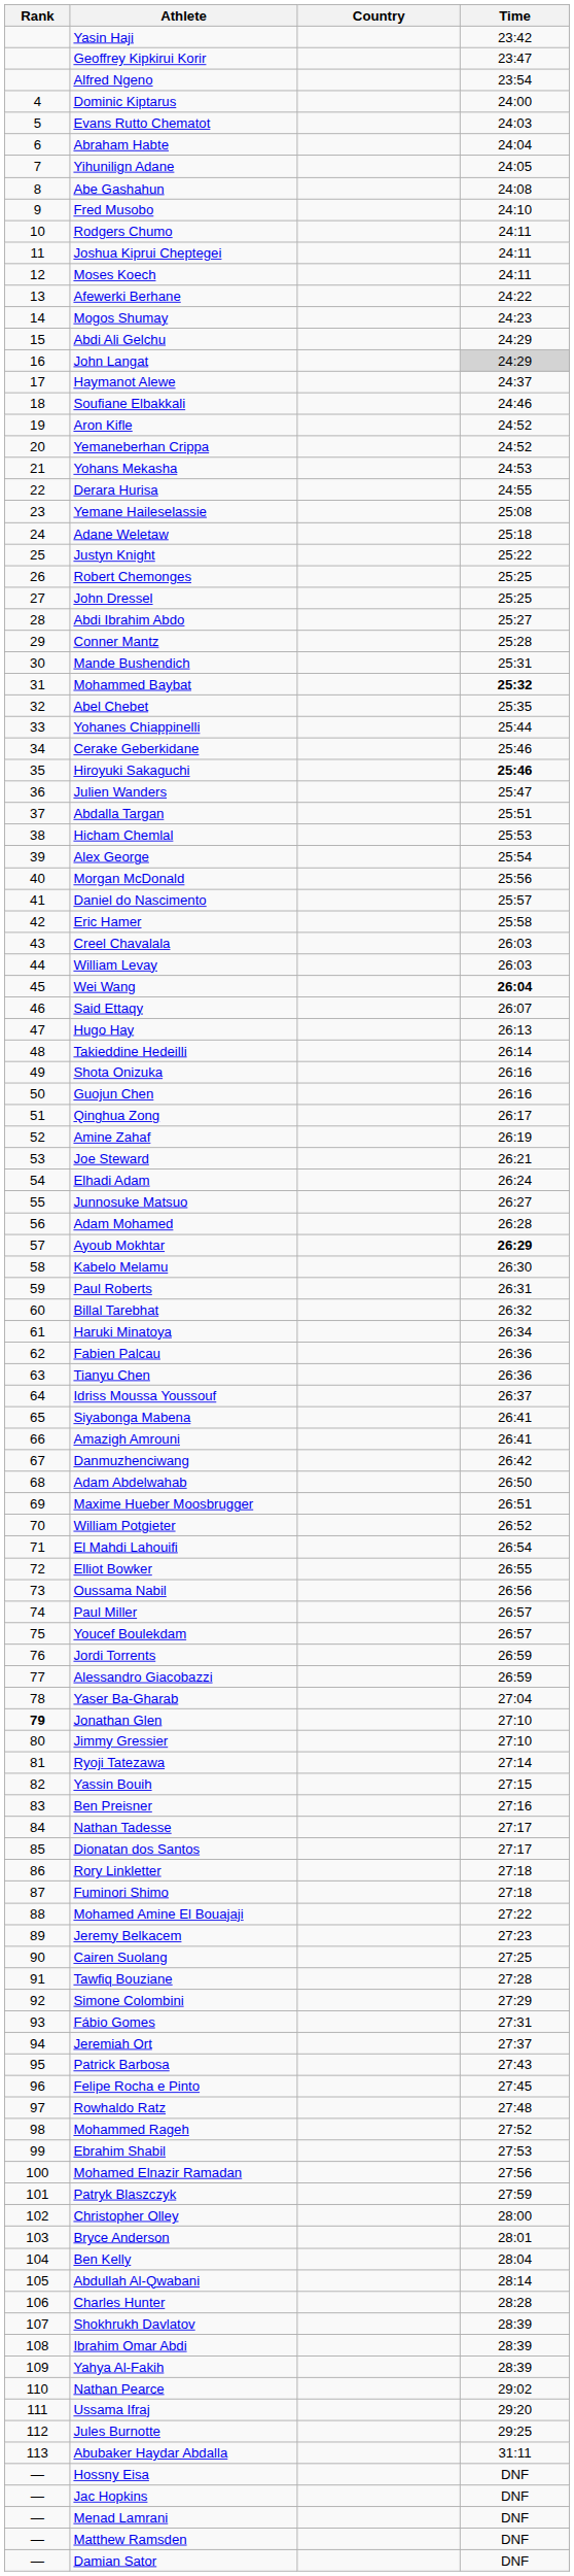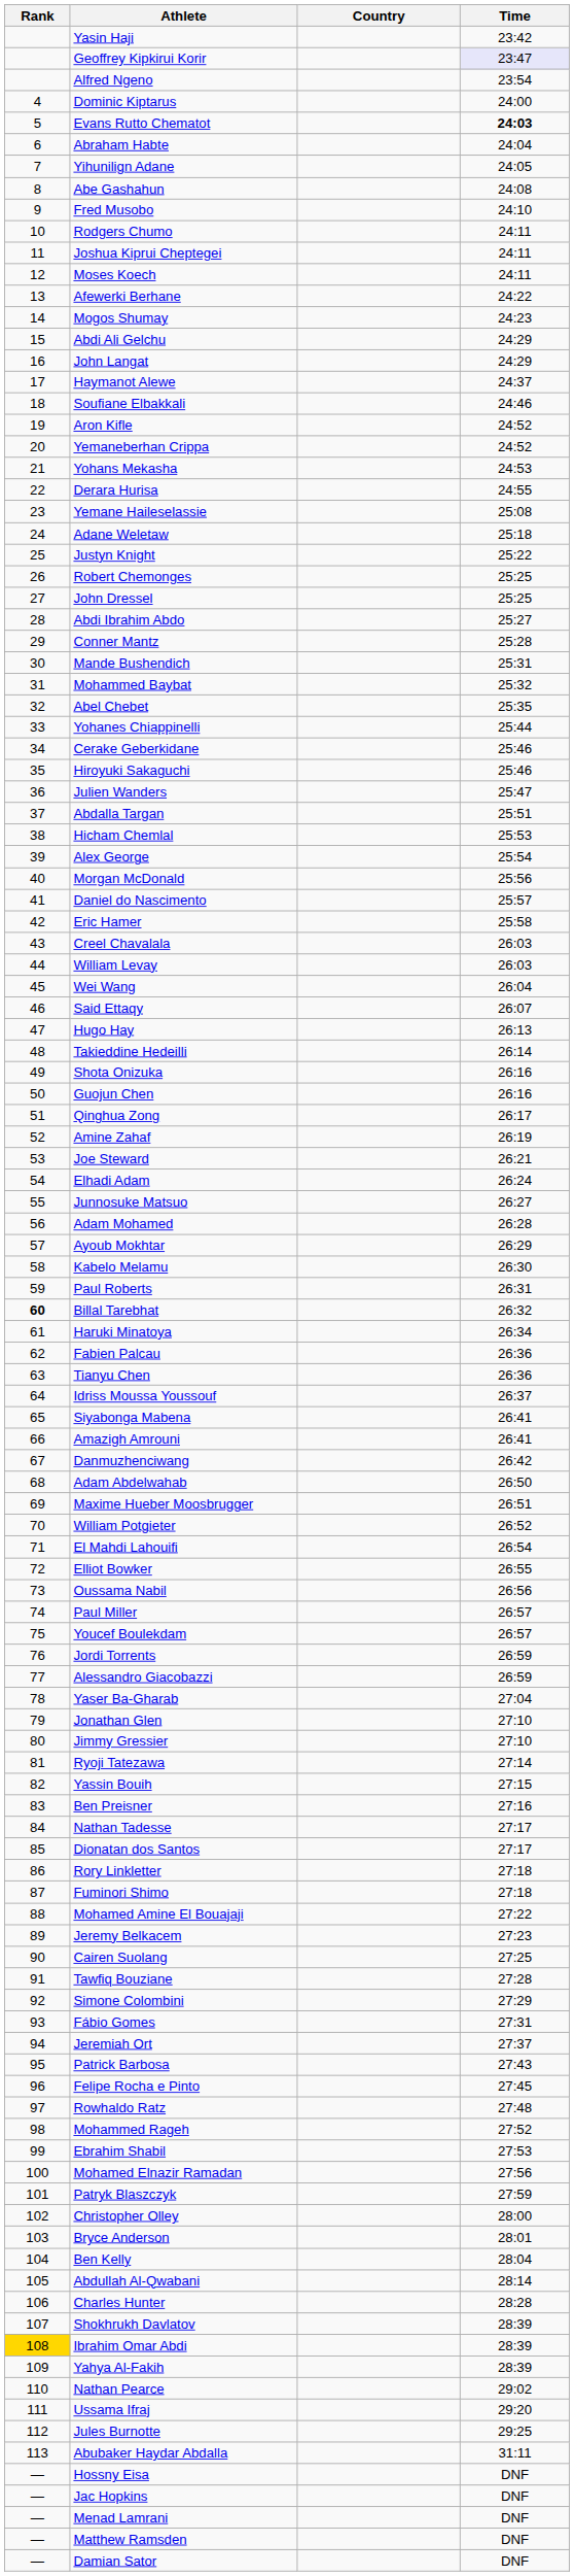 <table class="wikitable sortable" style=" text-align:center; font-size:95%;" width="50%">
 <tr>
 <th width=5%>Rank</th>
 <th width=20%>Athlete</th>
 <th width=15%>Country</th>
 <th width=10%>Time</th>
 </tr>
 <tr>
 <td align=center></td>
 <td align=left><a href='#'>Yasin Haji</a></td>
 <td align=left></td>
 <td>23:42</td>
 </tr>
 <tr>
 <td align=center></td>
 <td align=left><a href='#'>Geoffrey Kipkirui Korir</a></td>
 <td align=left></td>
-<td>23:47</td>
+<td style="background: lavender;">23:47</td>
 </tr>
 <tr>
 <td align=center></td>
 <td align=left><a href='#'>Alfred Ngeno</a></td>
 <td align=left></td>
 <td>23:54</td>
 </tr>
 <tr>
 <td align=center>4</td>
 <td align=left><a href='#'>Dominic Kiptarus</a></td>
 <td align=left></td>
 <td>24:00</td>
 </tr>
 <tr>
 <td align=center>5</td>
 <td align=left><a href='#'>Evans Rutto Chematot</a></td>
 <td align=left></td>
-<td>24:03</td>
+<td><strong>24:03</strong></td>
 </tr>
 <tr>
 <td align=center>6</td>
 <td align=left><a href='#'>Abraham Habte</a></td>
 <td align=left></td>
 <td>24:04</td>
 </tr>
 <tr>
 <td align=center>7</td>
 <td align=left><a href='#'>Yihunilign Adane</a></td>
 <td align=left></td>
 <td>24:05</td>
 </tr>
 <tr>
 <td align=center>8</td>
 <td align=left><a href='#'>Abe Gashahun</a></td>
 <td align=left></td>
 <td>24:08</td>
 </tr>
 <tr>
 <td align=center>9</td>
 <td align=left><a href='#'>Fred Musobo</a></td>
 <td align=left></td>
 <td>24:10</td>
 </tr>
 <tr>
 <td align=center>10</td>
 <td align=left><a href='#'>Rodgers Chumo</a></td>
 <td align=left></td>
 <td>24:11</td>
 </tr>
 <tr>
 <td align=center>11</td>
 <td align=left><a href='#'>Joshua Kiprui Cheptegei</a></td>
 <td align=left></td>
 <td>24:11</td>
 </tr>
 <tr>
 <td align=center>12</td>
 <td align=left><a href='#'>Moses Koech</a></td>
 <td align=left></td>
 <td>24:11</td>
 </tr>
 <tr>
 <td align=center>13</td>
 <td align=left><a href='#'>Afewerki Berhane</a></td>
 <td align=left></td>
 <td>24:22</td>
 </tr>
 <tr>
 <td align=center>14</td>
 <td align=left><a href='#'>Mogos Shumay</a></td>
 <td align=left></td>
 <td>24:23</td>
 </tr>
 <tr>
 <td align=center>15</td>
 <td align=left><a href='#'>Abdi Ali Gelchu</a></td>
 <td align=left></td>
 <td>24:29</td>
 </tr>
 <tr>
 <td align=center>16</td>
 <td align=left><a href='#'>John Langat</a></td>
 <td align=left></td>
-<td style="background: lightgrey;">24:29</td>
+<td>24:29</td>
 </tr>
 <tr>
 <td align=center>17</td>
 <td align=left><a href='#'>Haymanot Alewe</a></td>
 <td align=left></td>
 <td>24:37</td>
 </tr>
 <tr>
 <td align=center>18</td>
 <td align=left><a href='#'>Soufiane Elbakkali</a></td>
 <td align=left></td>
 <td>24:46</td>
 </tr>
 <tr>
 <td align=center>19</td>
 <td align=left><a href='#'>Aron Kifle</a></td>
 <td align=left></td>
 <td>24:52</td>
 </tr>
 <tr>
 <td align=center>20</td>
 <td align=left><a href='#'>Yemaneberhan Crippa</a></td>
 <td align=left></td>
 <td>24:52</td>
 </tr>
 <tr>
 <td align=center>21</td>
 <td align=left><a href='#'>Yohans Mekasha</a></td>
 <td align=left></td>
 <td>24:53</td>
 </tr>
 <tr>
 <td align=center>22</td>
 <td align=left><a href='#'>Derara Hurisa</a></td>
 <td align=left></td>
 <td>24:55</td>
 </tr>
 <tr>
 <td align=center>23</td>
 <td align=left><a href='#'>Yemane Haileselassie</a></td>
 <td align=left></td>
 <td>25:08</td>
 </tr>
 <tr>
 <td align=center>24</td>
 <td align=left><a href='#'>Adane Weletaw</a></td>
 <td align=left></td>
 <td>25:18</td>
 </tr>
 <tr>
 <td align=center>25</td>
 <td align=left><a href='#'>Justyn Knight</a></td>
 <td align=left></td>
 <td>25:22</td>
 </tr>
 <tr>
 <td align=center>26</td>
 <td align=left><a href='#'>Robert Chemonges</a></td>
 <td align=left></td>
 <td>25:25</td>
 </tr>
 <tr>
 <td align=center>27</td>
 <td align=left><a href='#'>John Dressel</a></td>
 <td align=left></td>
 <td>25:25</td>
 </tr>
 <tr>
 <td align=center>28</td>
 <td align=left><a href='#'>Abdi Ibrahim Abdo</a></td>
 <td align=left></td>
 <td>25:27</td>
 </tr>
 <tr>
 <td align=center>29</td>
 <td align=left><a href='#'>Conner Mantz</a></td>
 <td align=left></td>
 <td>25:28</td>
 </tr>
 <tr>
 <td align=center>30</td>
 <td align=left><a href='#'>Mande Bushendich</a></td>
 <td align=left></td>
 <td>25:31</td>
 </tr>
 <tr>
 <td align=center>31</td>
 <td align=left><a href='#'>Mohammed Baybat</a></td>
 <td align=left></td>
-<td><strong>25:32</strong></td>
+<td>25:32</td>
 </tr>
 <tr>
 <td align=center>32</td>
 <td align=left><a href='#'>Abel Chebet</a></td>
 <td align=left></td>
 <td>25:35</td>
 </tr>
 <tr>
 <td align=center>33</td>
 <td align=left><a href='#'>Yohanes Chiappinelli</a></td>
 <td align=left></td>
 <td>25:44</td>
 </tr>
 <tr>
 <td align=center>34</td>
 <td align=left><a href='#'>Cerake Geberkidane</a></td>
 <td align=left></td>
 <td>25:46</td>
 </tr>
 <tr>
 <td align=center>35</td>
 <td align=left><a href='#'>Hiroyuki Sakaguchi</a></td>
 <td align=left></td>
-<td><strong>25:46</strong></td>
+<td>25:46</td>
 </tr>
 <tr>
 <td align=center>36</td>
 <td align=left><a href='#'>Julien Wanders</a></td>
 <td align=left></td>
 <td>25:47</td>
 </tr>
 <tr>
 <td align=center>37</td>
 <td align=left><a href='#'>Abdalla Targan</a></td>
 <td align=left></td>
 <td>25:51</td>
 </tr>
 <tr>
 <td align=center>38</td>
 <td align=left><a href='#'>Hicham Chemlal</a></td>
 <td align=left></td>
 <td>25:53</td>
 </tr>
 <tr>
 <td align=center>39</td>
 <td align=left><a href='#'>Alex George</a></td>
 <td align=left></td>
 <td>25:54</td>
 </tr>
 <tr>
 <td align=center>40</td>
 <td align=left><a href='#'>Morgan McDonald</a></td>
 <td align=left></td>
 <td>25:56</td>
 </tr>
 <tr>
 <td align=center>41</td>
 <td align=left><a href='#'>Daniel do Nascimento</a></td>
 <td align=left></td>
 <td>25:57</td>
 </tr>
 <tr>
 <td align=center>42</td>
 <td align=left><a href='#'>Eric Hamer</a></td>
 <td align=left></td>
 <td>25:58</td>
 </tr>
 <tr>
 <td align=center>43</td>
 <td align=left><a href='#'>Creel Chavalala</a></td>
 <td align=left></td>
 <td>26:03</td>
 </tr>
 <tr>
 <td align=center>44</td>
 <td align=left><a href='#'>William Levay</a></td>
 <td align=left></td>
 <td>26:03</td>
 </tr>
 <tr>
 <td align=center>45</td>
 <td align=left><a href='#'>Wei Wang</a></td>
 <td align=left></td>
-<td><strong>26:04</strong></td>
+<td>26:04</td>
 </tr>
 <tr>
 <td align=center>46</td>
 <td align=left><a href='#'>Said Ettaqy</a></td>
 <td align=left></td>
 <td>26:07</td>
 </tr>
 <tr>
 <td align=center>47</td>
 <td align=left><a href='#'>Hugo Hay</a></td>
 <td align=left></td>
 <td>26:13</td>
 </tr>
 <tr>
 <td align=center>48</td>
 <td align=left><a href='#'>Takieddine Hedeilli</a></td>
 <td align=left></td>
 <td>26:14</td>
 </tr>
 <tr>
 <td align=center>49</td>
 <td align=left><a href='#'>Shota Onizuka</a></td>
 <td align=left></td>
 <td>26:16</td>
 </tr>
 <tr>
 <td align=center>50</td>
 <td align=left><a href='#'>Guojun Chen</a></td>
 <td align=left></td>
 <td>26:16</td>
 </tr>
 <tr>
 <td align=center>51</td>
 <td align=left><a href='#'>Qinghua Zong</a></td>
 <td align=left></td>
 <td>26:17</td>
 </tr>
 <tr>
 <td align=center>52</td>
 <td align=left><a href='#'>Amine Zahaf</a></td>
 <td align=left></td>
 <td>26:19</td>
 </tr>
 <tr>
 <td align=center>53</td>
 <td align=left><a href='#'>Joe Steward</a></td>
 <td align=left></td>
 <td>26:21</td>
 </tr>
 <tr>
 <td align=center>54</td>
 <td align=left><a href='#'>Elhadi Adam</a></td>
 <td align=left></td>
 <td>26:24</td>
 </tr>
 <tr>
 <td align=center>55</td>
 <td align=left><a href='#'>Junnosuke Matsuo</a></td>
 <td align=left></td>
 <td>26:27</td>
 </tr>
 <tr>
 <td align=center>56</td>
 <td align=left><a href='#'>Adam Mohamed</a></td>
 <td align=left></td>
 <td>26:28</td>
 </tr>
 <tr>
 <td align=center>57</td>
 <td align=left><a href='#'>Ayoub Mokhtar</a></td>
 <td align=left></td>
-<td><strong>26:29</strong></td>
+<td>26:29</td>
 </tr>
 <tr>
 <td align=center>58</td>
 <td align=left><a href='#'>Kabelo Melamu</a></td>
 <td align=left></td>
 <td>26:30</td>
 </tr>
 <tr>
 <td align=center>59</td>
 <td align=left><a href='#'>Paul Roberts</a></td>
 <td align=left></td>
 <td>26:31</td>
 </tr>
 <tr>
-<td align=center>60</td>
+<td align=center><strong>60</strong></td>
 <td align=left><a href='#'>Billal Tarebhat</a></td>
 <td align=left></td>
 <td>26:32</td>
 </tr>
 <tr>
 <td align=center>61</td>
 <td align=left><a href='#'>Haruki Minatoya</a></td>
 <td align=left></td>
 <td>26:34</td>
 </tr>
 <tr>
 <td align=center>62</td>
 <td align=left><a href='#'>Fabien Palcau</a></td>
 <td align=left></td>
 <td>26:36</td>
 </tr>
 <tr>
 <td align=center>63</td>
 <td align=left><a href='#'>Tianyu Chen</a></td>
 <td align=left></td>
 <td>26:36</td>
 </tr>
 <tr>
 <td align=center>64</td>
 <td align=left><a href='#'>Idriss Moussa Youssouf</a></td>
 <td align=left></td>
 <td>26:37</td>
 </tr>
 <tr>
 <td align=center>65</td>
 <td align=left><a href='#'>Siyabonga Mabena</a></td>
 <td align=left></td>
 <td>26:41</td>
 </tr>
 <tr>
 <td align=center>66</td>
 <td align=left><a href='#'>Amazigh Amrouni</a></td>
 <td align=left></td>
 <td>26:41</td>
 </tr>
 <tr>
 <td align=center>67</td>
 <td align=left><a href='#'>Danmuzhenciwang</a></td>
 <td align=left></td>
 <td>26:42</td>
 </tr>
 <tr>
 <td align=center>68</td>
 <td align=left><a href='#'>Adam Abdelwahab</a></td>
 <td align=left></td>
 <td>26:50</td>
 </tr>
 <tr>
 <td align=center>69</td>
 <td align=left><a href='#'>Maxime Hueber Moosbrugger</a></td>
 <td align=left></td>
 <td>26:51</td>
 </tr>
 <tr>
 <td align=center>70</td>
 <td align=left><a href='#'>William Potgieter</a></td>
 <td align=left></td>
 <td>26:52</td>
 </tr>
 <tr>
 <td align=center>71</td>
 <td align=left><a href='#'>El Mahdi Lahouifi</a></td>
 <td align=left></td>
 <td>26:54</td>
 </tr>
 <tr>
 <td align=center>72</td>
 <td align=left><a href='#'>Elliot Bowker</a></td>
 <td align=left></td>
 <td>26:55</td>
 </tr>
 <tr>
 <td align=center>73</td>
 <td align=left><a href='#'>Oussama Nabil</a></td>
 <td align=left></td>
 <td>26:56</td>
 </tr>
 <tr>
 <td align=center>74</td>
 <td align=left><a href='#'>Paul Miller</a></td>
 <td align=left></td>
 <td>26:57</td>
 </tr>
 <tr>
 <td align=center>75</td>
 <td align=left><a href='#'>Youcef Boulekdam</a></td>
 <td align=left></td>
 <td>26:57</td>
 </tr>
 <tr>
 <td align=center>76</td>
 <td align=left><a href='#'>Jordi Torrents</a></td>
 <td align=left></td>
 <td>26:59</td>
 </tr>
 <tr>
 <td align=center>77</td>
 <td align=left><a href='#'>Alessandro Giacobazzi</a></td>
 <td align=left></td>
 <td>26:59</td>
 </tr>
 <tr>
 <td align=center>78</td>
 <td align=left><a href='#'>Yaser Ba-Gharab</a></td>
 <td align=left></td>
 <td>27:04</td>
 </tr>
 <tr>
-<td align=center><strong>79</strong></td>
+<td align=center>79</td>
 <td align=left><a href='#'>Jonathan Glen</a></td>
 <td align=left></td>
 <td>27:10</td>
 </tr>
 <tr>
 <td align=center>80</td>
 <td align=left><a href='#'>Jimmy Gressier</a></td>
 <td align=left></td>
 <td>27:10</td>
 </tr>
 <tr>
 <td align=center>81</td>
 <td align=left><a href='#'>Ryoji Tatezawa</a></td>
 <td align=left></td>
 <td>27:14</td>
 </tr>
 <tr>
 <td align=center>82</td>
 <td align=left><a href='#'>Yassin Bouih</a></td>
 <td align=left></td>
 <td>27:15</td>
 </tr>
 <tr>
 <td align=center>83</td>
 <td align=left><a href='#'>Ben Preisner</a></td>
 <td align=left></td>
 <td>27:16</td>
 </tr>
 <tr>
 <td align=center>84</td>
 <td align=left><a href='#'>Nathan Tadesse</a></td>
 <td align=left></td>
 <td>27:17</td>
 </tr>
 <tr>
 <td align=center>85</td>
 <td align=left><a href='#'>Dionatan dos Santos</a></td>
 <td align=left></td>
 <td>27:17</td>
 </tr>
 <tr>
 <td align=center>86</td>
 <td align=left><a href='#'>Rory Linkletter</a></td>
 <td align=left></td>
 <td>27:18</td>
 </tr>
 <tr>
 <td align=center>87</td>
 <td align=left><a href='#'>Fuminori Shimo</a></td>
 <td align=left></td>
 <td>27:18</td>
 </tr>
 <tr>
 <td align=center>88</td>
 <td align=left><a href='#'>Mohamed Amine El Bouajaji</a></td>
 <td align=left></td>
 <td>27:22</td>
 </tr>
 <tr>
 <td align=center>89</td>
 <td align=left><a href='#'>Jeremy Belkacem</a></td>
 <td align=left></td>
 <td>27:23</td>
 </tr>
 <tr>
 <td align=center>90</td>
 <td align=left><a href='#'>Cairen Suolang</a></td>
 <td align=left></td>
 <td>27:25</td>
 </tr>
 <tr>
 <td align=center>91</td>
 <td align=left><a href='#'>Tawfiq Bouziane</a></td>
 <td align=left></td>
 <td>27:28</td>
 </tr>
 <tr>
 <td align=center>92</td>
 <td align=left><a href='#'>Simone Colombini</a></td>
 <td align=left></td>
 <td>27:29</td>
 </tr>
 <tr>
 <td align=center>93</td>
 <td align=left><a href='#'>Fábio Gomes</a></td>
 <td align=left></td>
 <td>27:31</td>
 </tr>
 <tr>
 <td align=center>94</td>
 <td align=left><a href='#'>Jeremiah Ort</a></td>
 <td align=left></td>
 <td>27:37</td>
 </tr>
 <tr>
 <td align=center>95</td>
 <td align=left><a href='#'>Patrick Barbosa</a></td>
 <td align=left></td>
 <td>27:43</td>
 </tr>
 <tr>
 <td align=center>96</td>
 <td align=left><a href='#'>Felipe Rocha e Pinto</a></td>
 <td align=left></td>
 <td>27:45</td>
 </tr>
 <tr>
 <td align=center>97</td>
 <td align=left><a href='#'>Rowhaldo Ratz</a></td>
 <td align=left></td>
 <td>27:48</td>
 </tr>
 <tr>
 <td align=center>98</td>
 <td align=left><a href='#'>Mohammed Rageh</a></td>
 <td align=left></td>
 <td>27:52</td>
 </tr>
 <tr>
 <td align=center>99</td>
 <td align=left><a href='#'>Ebrahim Shabil</a></td>
 <td align=left></td>
 <td>27:53</td>
 </tr>
 <tr>
 <td align=center>100</td>
 <td align=left><a href='#'>Mohamed Elnazir Ramadan</a></td>
 <td align=left></td>
 <td>27:56</td>
 </tr>
 <tr>
 <td align=center>101</td>
 <td align=left><a href='#'>Patryk Blaszczyk</a></td>
 <td align=left></td>
 <td>27:59</td>
 </tr>
 <tr>
 <td align=center>102</td>
 <td align=left><a href='#'>Christopher Olley</a></td>
 <td align=left></td>
 <td>28:00</td>
 </tr>
 <tr>
 <td align=center>103</td>
 <td align=left><a href='#'>Bryce Anderson</a></td>
 <td align=left></td>
 <td>28:01</td>
 </tr>
 <tr>
 <td align=center>104</td>
 <td align=left><a href='#'>Ben Kelly</a></td>
 <td align=left></td>
 <td>28:04</td>
 </tr>
 <tr>
 <td align=center>105</td>
 <td align=left><a href='#'>Abdullah Al-Qwabani</a></td>
 <td align=left></td>
 <td>28:14</td>
 </tr>
 <tr>
 <td align=center>106</td>
 <td align=left><a href='#'>Charles Hunter</a></td>
 <td align=left></td>
 <td>28:28</td>
 </tr>
 <tr>
 <td align=center>107</td>
 <td align=left><a href='#'>Shokhrukh Davlatov</a></td>
 <td align=left></td>
 <td>28:39</td>
 </tr>
 <tr>
-<td align=center>108</td>
+<td align=center style="background: gold;">108</td>
 <td align=left><a href='#'>Ibrahim Omar Abdi</a></td>
 <td align=left></td>
 <td>28:39</td>
 </tr>
 <tr>
 <td align=center>109</td>
 <td align=left><a href='#'>Yahya Al-Fakih</a></td>
 <td align=left></td>
 <td>28:39</td>
 </tr>
 <tr>
 <td align=center>110</td>
 <td align=left><a href='#'>Nathan Pearce</a></td>
 <td align=left></td>
 <td>29:02</td>
 </tr>
 <tr>
 <td align=center>111</td>
 <td align=left><a href='#'>Ussama Ifraj</a></td>
 <td align=left></td>
 <td>29:20</td>
 </tr>
 <tr>
 <td align=center>112</td>
 <td align=left><a href='#'>Jules Burnotte</a></td>
 <td align=left></td>
 <td>29:25</td>
 </tr>
 <tr>
 <td align=center>113</td>
 <td align=left><a href='#'>Abubaker Haydar Abdalla</a></td>
 <td align=left></td>
 <td>31:11</td>
 </tr>
 <tr>
 <td align=center>—</td>
 <td align=left><a href='#'>Hossny Eisa</a></td>
 <td align=left></td>
 <td>DNF</td>
 </tr>
 <tr>
 <td align=center>—</td>
 <td align=left><a href='#'>Jac Hopkins</a></td>
 <td align=left></td>
 <td>DNF</td>
 </tr>
 <tr>
 <td align=center>—</td>
 <td align=left><a href='#'>Menad Lamrani</a></td>
 <td align=left></td>
 <td>DNF</td>
 </tr>
 <tr>
 <td align=center>—</td>
 <td align=left><a href='#'>Matthew Ramsden</a></td>
 <td align=left></td>
 <td>DNF</td>
 </tr>
 <tr>
 <td align=center>—</td>
 <td align=left><a href='#'>Damian Sator</a></td>
 <td align=left></td>
 <td>DNF</td>
 </tr>
 </table>
